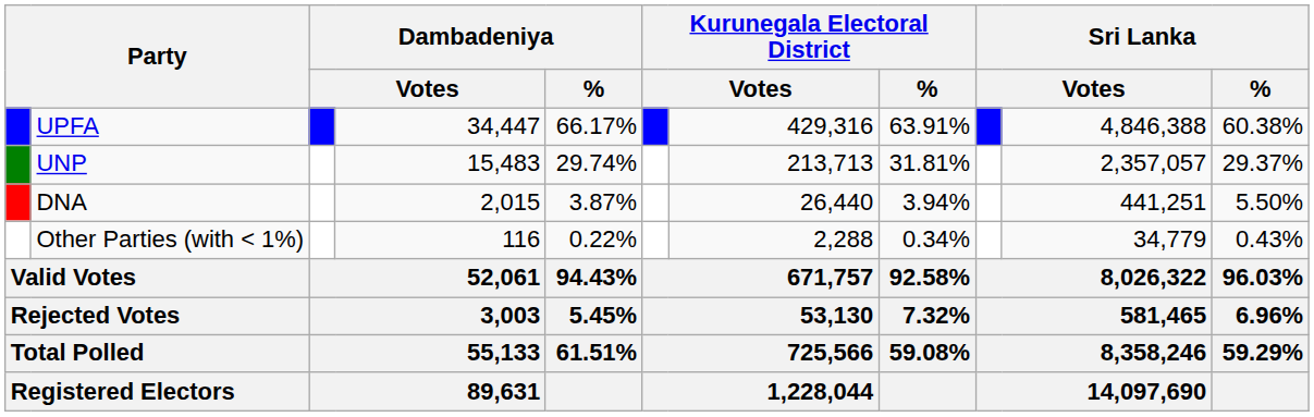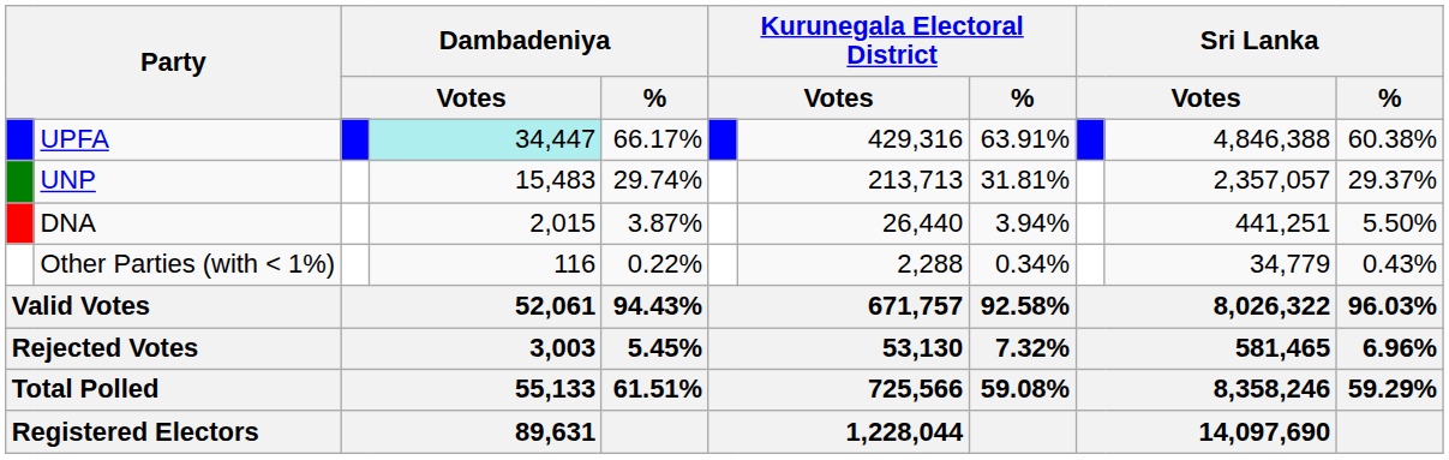 <table class="wikitable">
 <tr>
 <th colspan="2" width="144px"rowspan="2">Party</th>
 <th colspan="3" width="216px">Dambadeniya</th>
 <th colspan="3" width="216px"><a href='#'>Kurunegala Electoral District</a></th>
 <th colspan="3" width="216px">Sri Lanka</th>
 </tr>
 <tr>
 <th colspan="2" width="144px">Votes</th>
 <th>%</th>
 <th colspan="2" width="144px">Votes</th>
 <th>%</th>
 <th colspan="2" width="144px">Votes</th>
 <th>%</th>
 </tr>
 <tr>
 <td style="background-color:blue;" width="10px"></td>
 <td style="text-align:left;"><a href='#'>UPFA</a></td>
 <td style="background-color:blue;" width="10px"></td>
-<td style="text-align:right;">34,447</td>
+<td style="background: paleturquoise; text-align:right;">34,447</td>
 <td style="text-align:right;">66.17%</td>
 <td style="background-color:blue;" width="10px"></td>
 <td style="text-align:right;">429,316</td>
 <td style="text-align:right;">63.91%</td>
 <td style="background-color:blue;" width="10px"></td>
 <td style="text-align:right;">4,846,388</td>
 <td style="text-align:right;">60.38%</td>
 </tr>
 <tr>
 <td style="background-color:green;" width="10px"></td>
 <td style="text-align:left;"><a href='#'>UNP</a></td>
 <td style="background-color:white;" width="10px"></td>
 <td style="text-align:right;">15,483</td>
 <td style="text-align:right;">29.74%</td>
 <td style="background-color:white;" width="10px"></td>
 <td style="text-align:right;">213,713</td>
 <td style="text-align:right;">31.81%</td>
 <td style="background-color:white;" width="10px"></td>
 <td style="text-align:right;">2,357,057</td>
 <td style="text-align:right;">29.37%</td>
 </tr>
 <tr>
 <td style="background-color:red;" width="10px"></td>
 <td style="text-align:left;">DNA</td>
 <td style="background-color:white;" width="10px"></td>
 <td style="text-align:right;">2,015</td>
 <td style="text-align:right;">3.87%</td>
 <td style="background-color:white;" width="10px"></td>
 <td style="text-align:right;">26,440</td>
 <td style="text-align:right;">3.94%</td>
 <td style="background-color:white;" width="10px"></td>
 <td style="text-align:right;">441,251</td>
 <td style="text-align:right;">5.50%</td>
 </tr>
 <tr>
 <td style="background-color:white;" width="10px"></td>
 <td style="text-align:left;">Other Parties (with < 1%)</td>
 <td style="background-color:white;" width="10px"></td>
 <td style="text-align:right;">116</td>
 <td style="text-align:right;">0.22%</td>
 <td style="background-color:white;" width="10px"></td>
 <td style="text-align:right;">2,288</td>
 <td style="text-align:right;">0.34%</td>
 <td style="background-color:white;" width="10px"></td>
 <td style="text-align:right;">34,779</td>
 <td style="text-align:right;">0.43%</td>
 </tr>
 <tr>
 <th colspan="2" width="144px"style="text-align:left;">Valid Votes</th>
 <th style="text-align:right;"colspan="2" width="144px">52,061</th>
 <th style="text-align:right;">94.43%</th>
 <th style="text-align:right;"colspan="2" width="144px">671,757</th>
 <th style="text-align:right;">92.58%</th>
 <th style="text-align:right;"colspan="2" width="144px">8,026,322</th>
 <th style="text-align:right;">96.03%</th>
 </tr>
 <tr>
 <th colspan="2" width="144px"style="text-align:left;">Rejected Votes</th>
 <th style="text-align:right;"colspan="2" width="144px">3,003</th>
 <th style="text-align:right;">5.45%</th>
 <th style="text-align:right;"colspan="2" width="144px">53,130</th>
 <th style="text-align:right;">7.32%</th>
 <th style="text-align:right;"colspan="2" width="144px">581,465</th>
 <th style="text-align:right;">6.96%</th>
 </tr>
 <tr>
 <th colspan="2" width="144px"style="text-align:left;">Total Polled</th>
 <th style="text-align:right;"colspan="2" width="144px">55,133</th>
 <th style="text-align:right;">61.51%</th>
 <th style="text-align:right;"colspan="2" width="144px">725,566</th>
 <th style="text-align:right;">59.08%</th>
 <th style="text-align:right;"colspan="2" width="144px">8,358,246</th>
 <th style="text-align:right;">59.29%</th>
 </tr>
 <tr>
 <th colspan="2" width="144px"style="text-align:left;">Registered Electors</th>
 <th style="text-align:right;"colspan="2" width="144px">89,631</th>
 <th></th>
 <th style="text-align:right;"colspan="2" width="144px">1,228,044</th>
 <th></th>
 <th style="text-align:right;"colspan="2" width="144px">14,097,690</th>
 <th></th>
 </tr>
 </table>
